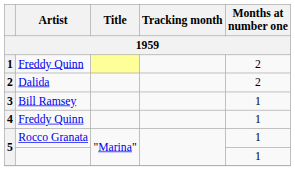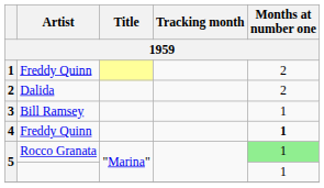 <table class="wikitable plainrowheaders sortable">
 <tr>
 <th scope=col></th>
 <th scope=col>Artist</th>
 <th scope=col>Title</th>
 <th scope=col>Tracking month</th>
 <th scope=col>Months at<br>number one</th>
 </tr>
 <tr class=unsortable>
 <th scope=row style="text-align:center;" colspan=6>1959</th>
 </tr>
 <tr>
 <th scope=row style="text-align:center;">1</th>
 <td><a href='#'>Freddy Quinn</a></td>
 <td style="background-color:#FFFF99"> </td>
 <td></td>
 <td style="text-align:center;">2</td>
 </tr>
 <tr>
 <th scope=row style="text-align:center;">2</th>
 <td><a href='#'>Dalida</a></td>
 <td></td>
 <td></td>
 <td style="text-align:center;">2</td>
 </tr>
 <tr>
 <th scope=row style="text-align:center;">3</th>
 <td><a href='#'>Bill Ramsey</a></td>
 <td></td>
 <td></td>
 <td style="text-align:center;">1</td>
 </tr>
 <tr>
 <th scope=row style="text-align:center;">4</th>
 <td><a href='#'>Freddy Quinn</a></td>
 <td></td>
 <td></td>
-<td style="text-align:center;">1</td>
+<td style="text-align:center;"><strong>1</strong></td>
 </tr>
 <tr>
 <th scope=row style="text-align:center;" rowspan="2">5</th>
 <td><a href='#'>Rocco Granata</a></td>
 <td rowspan="2">"<a href='#'>Marina</a>"</td>
 <td rowspan="2"></td>
-<td style="text-align:center;">1</td>
+<td style="background: lightgreen; text-align:center;">1</td>
 </tr>
 <tr>
 <td></td>
 <td style="text-align:center;">1</td>
 </tr>
 <tr>
 </tr>
 </table>
